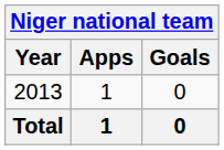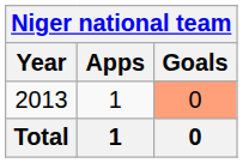 <table class="wikitable" style="text-align:center">
 <tr>
 <th colspan=3><a href='#'>Niger national team</a></th>
 </tr>
 <tr>
 <th>Year</th>
 <th>Apps</th>
 <th>Goals</th>
 </tr>
 <tr>
 <td>2013</td>
 <td>1</td>
-<td>0</td>
+<td style="background: lightsalmon;">0</td>
 </tr>
 <tr>
 <th>Total</th>
 <th>1</th>
 <th>0</th>
 </tr>
 </table>
